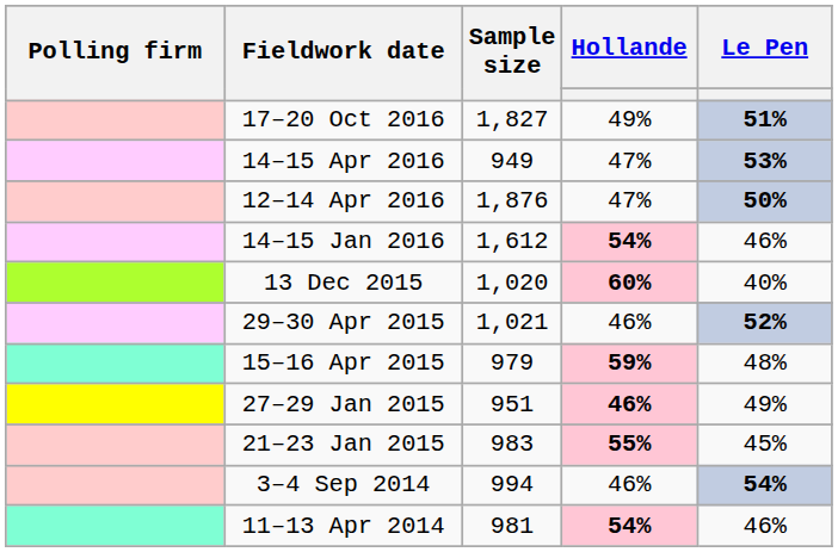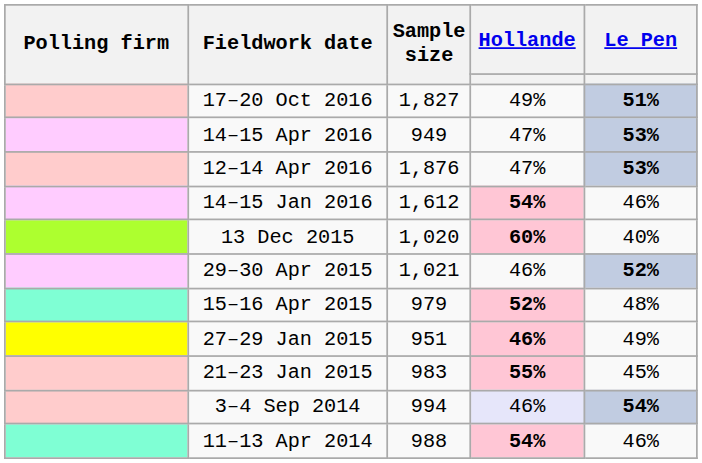 <table class="wikitable sortable" style="text-align:center;font-size:90%;line-height:14px;">
 <tr style="height:40px;">
 <th style="width:100px;" rowspan="2">Polling firm</th>
 <th style="width:110px;" rowspan="2">Fieldwork date</th>
 <th style="width:35px;" rowspan="2">Sample<br>size</th>
 <th class="unsortable" style="width:60px;"><a href='#'>Hollande</a><br></th>
 <th class="unsortable" style="width:60px;"><a href='#'>Le Pen</a><br></th>
 </tr>
 <tr>
 <th style="background:"></th>
 <th style="background:"></th>
 </tr>
 <tr>
 <td style="background:#FFCCCC;"></td>
 <td data-sort-value="2016-10-20">17–20 Oct 2016</td>
 <td>1,827</td>
 <td>49%</td>
 <td style="background:#C1CCE1;"><strong>51%</strong></td>
 </tr>
 <tr>
 <td style="background:#FFCCFF;"></td>
 <td data-sort-value="2016-04-15">14–15 Apr 2016</td>
 <td>949</td>
 <td>47%</td>
 <td style="background:#C1CCE1;"><strong>53%</strong></td>
 </tr>
 <tr>
 <td style="background:#FFCCCC;"></td>
 <td data-sort-value="2016-04-14">12–14 Apr 2016</td>
 <td>1,876</td>
 <td>47%</td>
-<td style="background:#C1CCE1;"><strong>50%</strong></td>
+<td style="background:#C1CCE1;"><strong>53%</strong></td>
 </tr>
 <tr>
 <td style="background:#FFCCFF;"></td>
 <td data-sort-value="2016-01-15">14–15 Jan 2016</td>
 <td>1,612</td>
 <td style="background:#FFC6D5;"><strong>54%</strong></td>
 <td>46%</td>
 </tr>
 <tr>
 <td style="background:GreenYellow;"></td>
 <td data-sort-value="2015-12-13">13 Dec 2015</td>
 <td>1,020</td>
 <td style="background:#FFC6D5;"><strong>60%</strong></td>
 <td>40%</td>
 </tr>
 <tr>
 <td style="background:#FFCCFF;"></td>
 <td data-sort-value="2015-04-30">29–30 Apr 2015</td>
 <td>1,021</td>
 <td>46%</td>
 <td style="background:#C1CCE1;"><strong>52%</strong></td>
 </tr>
 <tr>
 <td style="background:aquamarine;"></td>
 <td data-sort-value="2015-04-16">15–16 Apr 2015</td>
 <td>979</td>
-<td style="background:#FFC6D5;"><strong>59%</strong></td>
+<td style="background:#FFC6D5;"><strong>52%</strong></td>
 <td>48%</td>
 </tr>
 <tr>
 <td style="background:yellow;"> </td>
 <td data-sort-value="2015-01-29">27–29 Jan 2015</td>
 <td>951</td>
 <td style="background:#FFC6D5;"><strong>46%</strong></td>
 <td>49%</td>
 </tr>
 <tr>
 <td style="background:#FFCCCC;"></td>
 <td data-sort-value="2015-01-23">21–23 Jan 2015</td>
 <td>983</td>
 <td style="background:#FFC6D5;"><strong>55%</strong></td>
 <td>45%</td>
 </tr>
 <tr>
 <td style="background:#FFCCCC;"></td>
 <td data-sort-value="2014-09-04">3–4 Sep 2014</td>
 <td>994</td>
-<td>46%</td>
+<td style="background: lavender;">46%</td>
 <td style="background:#C1CCE1;"><strong>54%</strong></td>
 </tr>
 <tr>
 <td style="background:aquamarine;"></td>
 <td data-sort-value="2014-04-13">11–13 Apr 2014</td>
-<td>981</td>
+<td>988</td>
 <td style="background:#FFC6D5;"><strong>54%</strong></td>
 <td>46%</td>
 </tr>
 </table>
